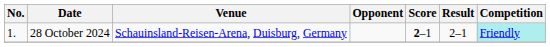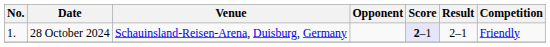 <table class="wikitable">
 <tr>
 <th>No.</th>
 <th>Date</th>
 <th>Venue</th>
 <th>Opponent</th>
 <th>Score</th>
 <th>Result</th>
 <th>Competition</th>
 </tr>
 <tr>
 <td>1.</td>
 <td>28 October 2024</td>
 <td><a href='#'>Schauinsland-Reisen-Arena</a>, <a href='#'>Duisburg</a>, <a href='#'>Germany</a></td>
 <td></td>
-<td align=center><strong>2</strong>–1</td>
+<td align=center style="background: lavender;"><strong>2</strong>–1</td>
 <td align=center>2–1</td>
-<td style="background: paleturquoise;"><a href='#'>Friendly</a></td>
+<td><a href='#'>Friendly</a></td>
 </tr>
 <tr>
 </tr>
 </table>
